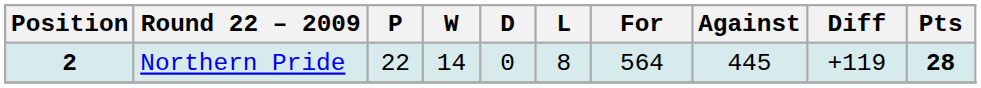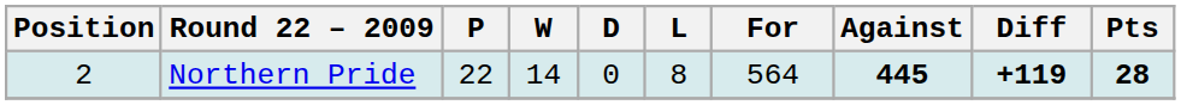 <table class="wikitable" style="text-align:center; font-size:85%;">
 <tr>
 <th width=40 abbr="Position">Position</th>
 <th width=100>Round 22 – 2009</th>
 <th width=20 abbr="Played">P</th>
 <th width=20 abbr="Won">W</th>
 <th width=20 abbr="Drawn">D</th>
 <th width=20 abbr="Lost">L</th>
 <th width=40 abbr="Points for">For</th>
 <th width=40 abbr="Points against">Against</th>
 <th width=40 abbr="Points difference">Diff</th>
 <th width=25 abbr="Points">Pts</th>
 </tr>
 <tr style="background: #d7ebed;">
-<td><strong>2</strong></td>
+<td>2</td>
 <td style="text-align:left;"> <a href='#'>Northern Pride</a></td>
 <td>22</td>
 <td>14</td>
 <td>0</td>
 <td>8</td>
 <td>564</td>
-<td>445</td>
-<td>+119</td>
+<td><strong>445</strong></td>
+<td><strong>+119</strong></td>
 <td><strong>28</strong></td>
 </tr>
 <tr>
 </tr>
 </table>
